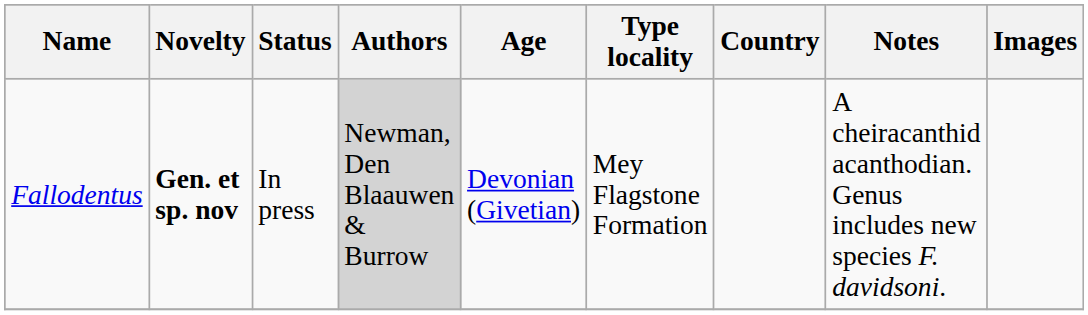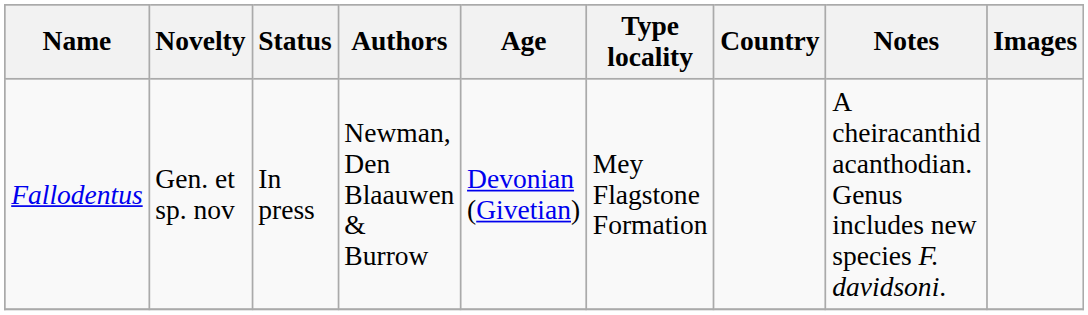 <table class="wikitable sortable" align="center" width="100%">
 <tr>
 <th>Name</th>
 <th>Novelty</th>
 <th>Status</th>
 <th>Authors</th>
 <th>Age</th>
 <th>Type locality</th>
 <th>Country</th>
 <th>Notes</th>
 <th>Images</th>
 </tr>
 <tr>
 <td><em><a href='#'>Fallodentus</a></em></td>
-<td><strong>Gen. et sp. nov</strong></td>
+<td>Gen. et sp. nov</td>
 <td>In press</td>
-<td style="background: lightgrey;">Newman, Den Blaauwen & Burrow</td>
+<td>Newman, Den Blaauwen & Burrow</td>
 <td><a href='#'>Devonian</a> (<a href='#'>Givetian</a>)</td>
 <td>Mey Flagstone Formation</td>
 <td></td>
 <td>A cheiracanthid acanthodian. Genus includes new species <em>F. davidsoni</em>.</td>
 <td></td>
 </tr>
 <tr>
 </tr>
 </table>
